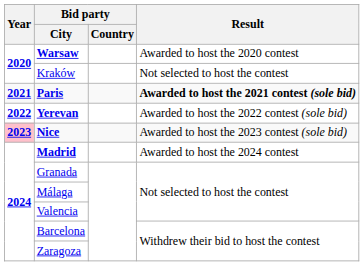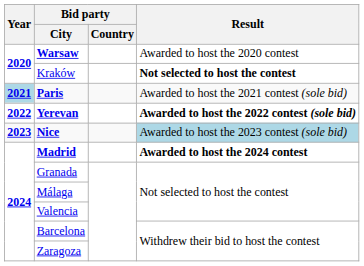 <table class="wikitable collapsible" style="font-size:90%">
 <tr>
 <th rowspan=2>Year</th>
 <th colspan=2>Bid party</th>
 <th rowspan=2>Result</th>
 </tr>
 <tr>
 <th>City</th>
 <th>Country</th>
 </tr>
 <tr bgcolor=white>
 <td rowspan=2 align=center><strong><a href='#'>2020</a></strong></td>
 <td><strong><a href='#'>Warsaw</a></strong></td>
 <td><strong></strong></td>
 <td>Awarded to host the 2020 contest</td>
 </tr>
 <tr bgcolor=white>
 <td><a href='#'>Kraków</a></td>
 <td></td>
-<td>Not selected to host the contest</td>
+<td><strong>Not selected to host the contest</strong></td>
 </tr>
 <tr>
-<td align=center><strong><a href='#'>2021</a></strong></td>
+<td align=center style="background: lightblue;"><strong><a href='#'>2021</a></strong></td>
 <td><strong><a href='#'>Paris</a></strong></td>
 <td><strong></strong></td>
-<td><strong>Awarded to host the 2021 contest <em>(sole bid)</em></strong></td>
+<td>Awarded to host the 2021 contest <em>(sole bid)</em></td>
 </tr>
 <tr bgcolor=white>
 <td align=center><strong><a href='#'>2022</a></strong></td>
 <td><strong><a href='#'>Yerevan</a></strong></td>
 <td><strong></strong></td>
-<td>Awarded to host the 2022 contest <em>(sole bid)</em></td>
+<td><strong>Awarded to host the 2022 contest <em>(sole bid)</em></strong></td>
 </tr>
 <tr>
-<td align=center style="background: pink;"><strong><a href='#'>2023</a></strong></td>
+<td align=center><strong><a href='#'>2023</a></strong></td>
 <td><strong><a href='#'>Nice</a></strong></td>
 <td><strong></strong></td>
-<td>Awarded to host the 2023 contest <em>(sole bid)</em></td>
+<td style="background: lightblue;">Awarded to host the 2023 contest <em>(sole bid)</em></td>
 </tr>
 <tr bgcolor=white>
 <td rowspan=6 align=center><strong><a href='#'>2024</a></strong></td>
 <td><strong><a href='#'>Madrid</a></strong></td>
 <td><strong></strong></td>
-<td>Awarded to host the 2024 contest</td>
+<td><strong>Awarded to host the 2024 contest</strong></td>
 </tr>
 <tr bgcolor=white>
 <td><a href='#'>Granada</a></td>
 <td rowspan=5></td>
 <td rowspan=3>Not selected to host the contest</td>
 </tr>
 <tr bgcolor=white>
 <td><a href='#'>Málaga</a></td>
 </tr>
 <tr bgcolor=white>
 <td><a href='#'>Valencia</a></td>
 </tr>
 <tr bgcolor=white>
 <td><a href='#'>Barcelona</a></td>
 <td rowspan=2>Withdrew their bid to host the contest</td>
 </tr>
 <tr bgcolor=white>
 <td><a href='#'>Zaragoza</a></td>
 </tr>
 </table>
